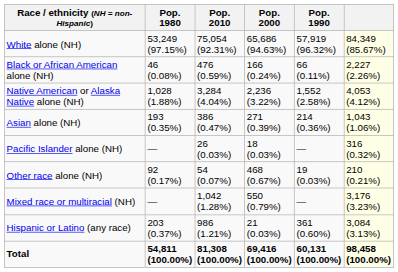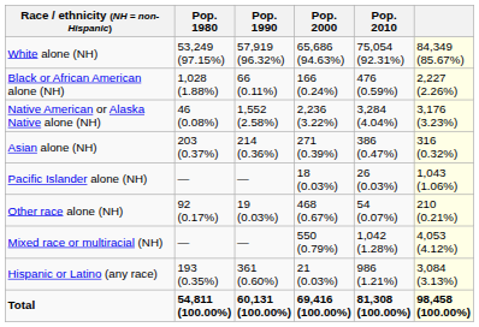 <table class="wikitable sortable collapsible" style="font-size: 95%;">
 <tr>
 <th>Race / ethnicity <small>(<em>NH = non-Hispanic</em>)</small></th>
 <th>Pop. 1980</th>
+<th>Pop. 1990</th>
+<th>Pop. 2000</th>
 <th>Pop. 2010</th>
-<th>Pop. 2000</th>
-<th>Pop. 1990</th>
 <th></th>
 </tr>
 <tr>
 <td><a href='#'>White</a> alone (NH)</td>
 <td>53,249<br>(97.15%)</td>
+<td>57,919<br>(96.32%)</td>
+<td>65,686<br>(94.63%)</td>
 <td>75,054<br>(92.31%)</td>
-<td>65,686<br>(94.63%)</td>
-<td>57,919<br>(96.32%)</td>
 <td style='background: #ffffe6;'>84,349<br>(85.67%)</td>
 </tr>
 <tr>
 <td><a href='#'>Black or African American</a> alone (NH)</td>
-<td>46<br>(0.08%)</td>
+<td>1,028<br>(1.88%)</td>
+<td>66<br>(0.11%)</td>
+<td>166<br>(0.24%)</td>
 <td>476<br>(0.59%)</td>
-<td>166<br>(0.24%)</td>
-<td>66<br>(0.11%)</td>
 <td style='background: #ffffe6;'>2,227<br>(2.26%)</td>
 </tr>
 <tr>
 <td><a href='#'>Native American</a> or <a href='#'>Alaska Native</a> alone (NH)</td>
-<td>1,028<br>(1.88%)</td>
+<td>46<br>(0.08%)</td>
+<td>1,552<br>(2.58%)</td>
+<td>2,236<br>(3.22%)</td>
 <td>3,284<br>(4.04%)</td>
-<td>2,236<br>(3.22%)</td>
-<td>1,552<br>(2.58%)</td>
-<td style='background: #ffffe6;'>4,053<br>(4.12%)</td>
+<td style='background: #ffffe6;'>3,176<br>(3.23%)</td>
 </tr>
 <tr>
 <td><a href='#'>Asian</a> alone (NH)</td>
-<td>193<br>(0.35%)</td>
+<td>203<br>(0.37%)</td>
+<td>214<br>(0.36%)</td>
+<td>271<br>(0.39%)</td>
 <td>386<br>(0.47%)</td>
-<td>271<br>(0.39%)</td>
-<td>214<br>(0.36%)</td>
-<td style='background: #ffffe6;'>1,043<br>(1.06%)</td>
+<td style='background: #ffffe6;'>316<br>(0.32%)</td>
 </tr>
 <tr>
 <td><a href='#'>Pacific Islander</a> alone (NH)</td>
 <td>—</td>
+<td>—</td>
+<td>18<br>(0.03%)</td>
 <td>26<br>(0.03%)</td>
-<td>18<br>(0.03%)</td>
-<td>—</td>
-<td style='background: #ffffe6;'>316<br>(0.32%)</td>
+<td style='background: #ffffe6;'>1,043<br>(1.06%)</td>
 </tr>
 <tr>
 <td><a href='#'>Other race</a> alone (NH)</td>
 <td>92<br>(0.17%)</td>
+<td>19<br>(0.03%)</td>
+<td>468<br>(0.67%)</td>
 <td>54<br>(0.07%)</td>
-<td>468<br>(0.67%)</td>
-<td>19<br>(0.03%)</td>
 <td style='background: #ffffe6;'>210<br>(0.21%)</td>
 </tr>
 <tr>
 <td><a href='#'>Mixed race or multiracial</a> (NH)</td>
 <td>—</td>
+<td>—</td>
+<td>550<br>(0.79%)</td>
 <td>1,042<br>(1.28%)</td>
-<td>550<br>(0.79%)</td>
-<td>—</td>
-<td style='background: #ffffe6;'>3,176<br>(3.23%)</td>
+<td style='background: #ffffe6;'>4,053<br>(4.12%)</td>
 </tr>
 <tr>
 <td><a href='#'>Hispanic or Latino</a> (any race)</td>
-<td>203<br>(0.37%)</td>
+<td>193<br>(0.35%)</td>
+<td>361<br>(0.60%)</td>
+<td>21<br>(0.03%)</td>
 <td>986<br>(1.21%)</td>
-<td>21<br>(0.03%)</td>
-<td>361<br>(0.60%)</td>
 <td style='background: #ffffe6;'>3,084<br>(3.13%)</td>
 </tr>
 <tr>
 <td><strong>Total</strong></td>
 <td><strong>54,811<br>(100.00%)</strong></td>
+<td><strong>60,131<br>(100.00%)</strong></td>
+<td><strong>69,416<br>(100.00%)</strong></td>
 <td><strong>81,308<br>(100.00%)</strong></td>
-<td><strong>69,416<br>(100.00%)</strong></td>
-<td><strong>60,131<br>(100.00%)</strong></td>
 <td style='background: #ffffe6;'><strong>98,458<br>(100.00%)</strong></td>
 </tr>
 </table>
